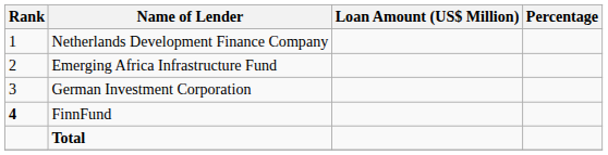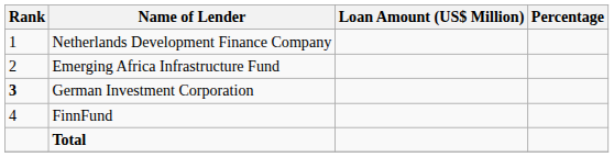 <table class="wikitable sortable" style="margin-left:auto;margin-right:auto">
 <tr>
 <th style="width:2em;">Rank</th>
 <th>Name of Lender</th>
 <th>Loan Amount (US$ Million)</th>
 <th>Percentage</th>
 </tr>
 <tr>
 <td>1</td>
 <td>Netherlands Development Finance Company</td>
 <td></td>
 <td></td>
 </tr>
 <tr>
 <td>2</td>
 <td>Emerging Africa Infrastructure Fund</td>
 <td></td>
 <td></td>
 </tr>
 <tr>
-<td>3</td>
+<td><strong>3</strong></td>
 <td>German Investment Corporation</td>
 <td></td>
 <td></td>
 </tr>
 <tr>
-<td><strong>4</strong></td>
+<td>4</td>
 <td>FinnFund</td>
 <td></td>
 <td></td>
 </tr>
 <tr>
 <td></td>
 <td><strong>Total</strong></td>
 <td></td>
 <td></td>
 </tr>
 <tr>
 </tr>
 </table>
